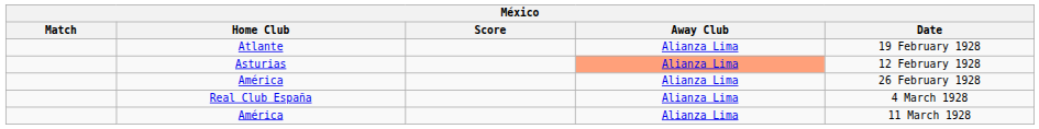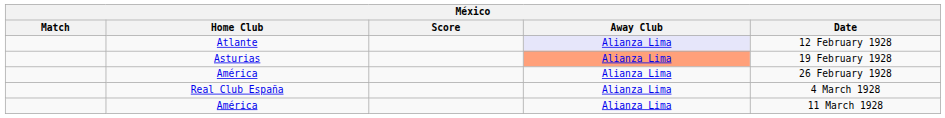 <table class="wikitable collapsible collapsed" style="font-size:95%; text-align: center; width: 95%; margin:0 auto 0.5em auto;">
 <tr>
 <th colspan="9" align="center" style="with: 100%;">México</th>
 </tr>
 <tr>
 <th width="50">Match</th>
 <th width="140">Home Club</th>
 <th width="80">Score</th>
 <th width="120">Away Club</th>
 <th width="100">Date</th>
 </tr>
 <tr>
 <td></td>
 <td><a href='#'>Atlante</a></td>
 <td></td>
-<td><a href='#'>Alianza Lima</a></td>
-<td>19 February 1928</td>
+<td style="background: lavender;"><a href='#'>Alianza Lima</a></td>
+<td>12 February 1928</td>
 </tr>
 <tr>
 <td></td>
 <td><a href='#'>Asturias</a></td>
 <td></td>
 <td style="background: lightsalmon;"><a href='#'>Alianza Lima</a></td>
-<td>12 February 1928</td>
+<td>19 February 1928</td>
 </tr>
 <tr>
 <td></td>
 <td><a href='#'>América</a></td>
 <td></td>
 <td><a href='#'>Alianza Lima</a></td>
 <td>26 February 1928</td>
 </tr>
 <tr>
 <td></td>
 <td><a href='#'>Real Club España</a></td>
 <td></td>
 <td><a href='#'>Alianza Lima</a></td>
 <td>4 March 1928</td>
 </tr>
 <tr>
 <td></td>
 <td><a href='#'>América</a></td>
 <td></td>
 <td><a href='#'>Alianza Lima</a></td>
 <td>11 March 1928</td>
 </tr>
 </table>
